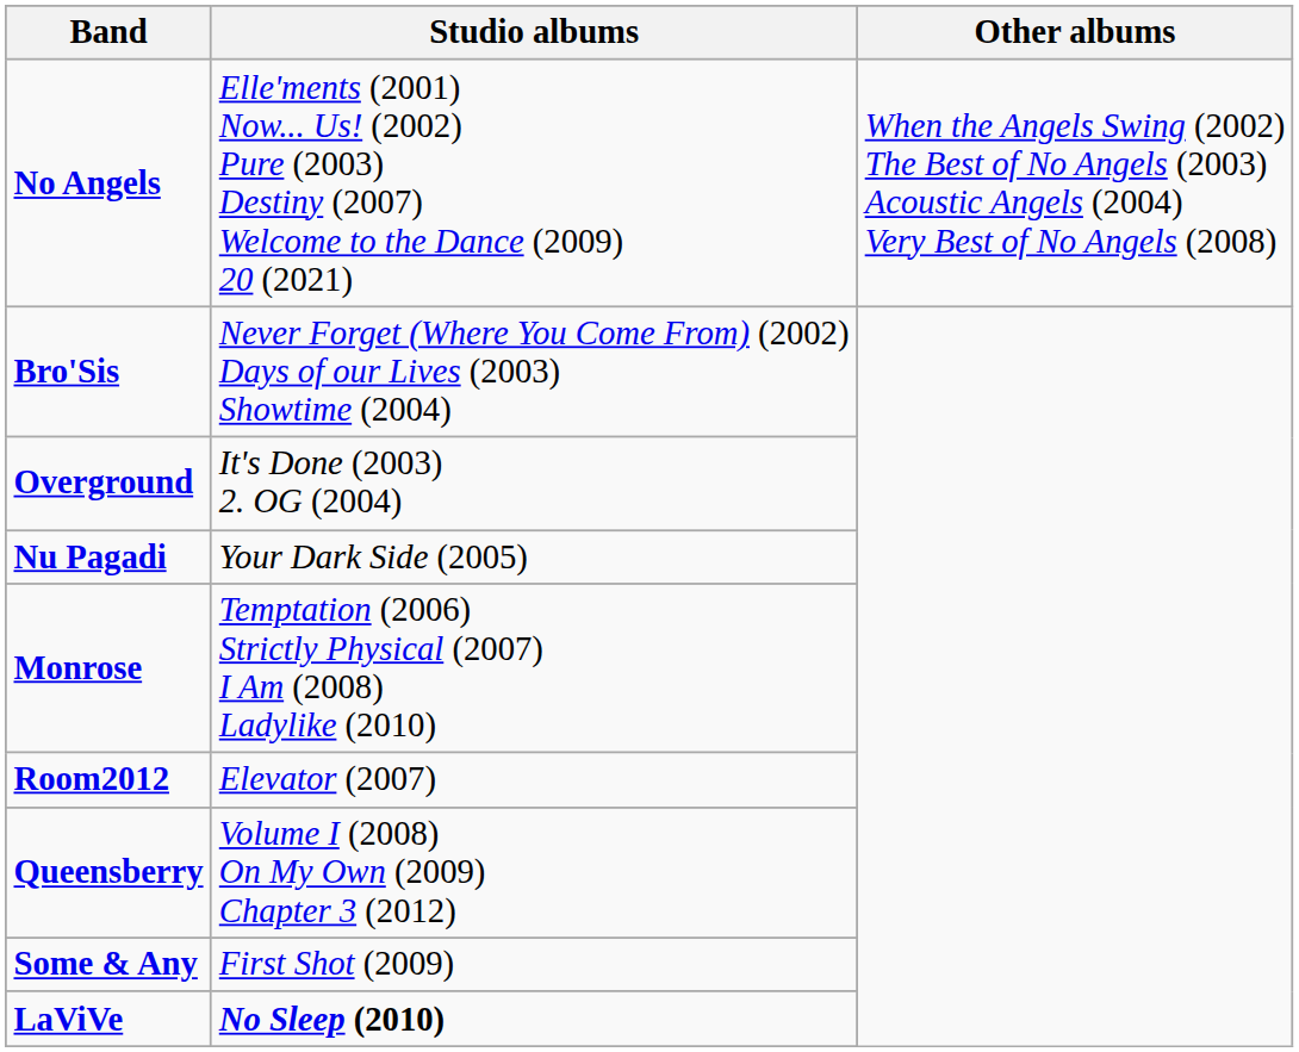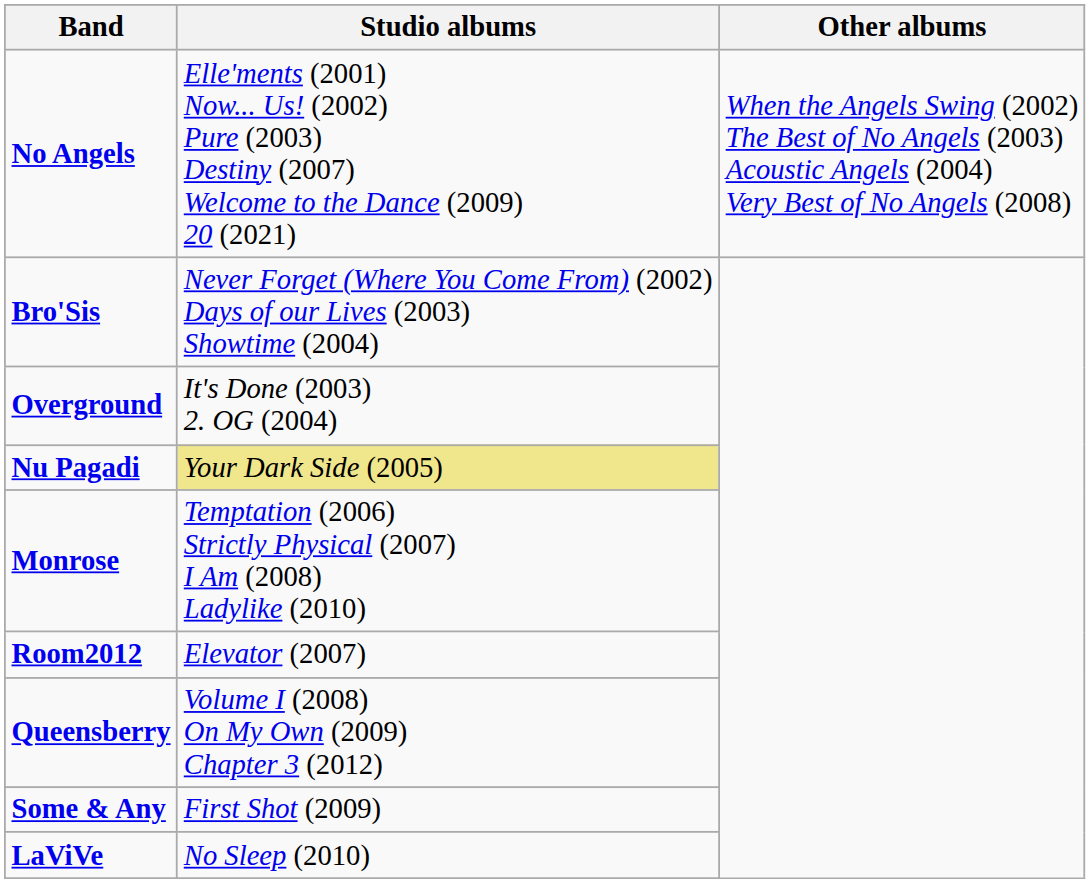 <table class="wikitable">
 <tr>
 <th>Band</th>
 <th>Studio albums</th>
 <th>Other albums</th>
 </tr>
 <tr>
 <td><strong><a href='#'>No Angels</a></strong></td>
 <td><em><a href='#'>Elle'ments</a></em> (2001)<br><em><a href='#'>Now... Us!</a></em> (2002)<br><em><a href='#'>Pure</a></em> (2003)<br><em><a href='#'>Destiny</a></em> (2007)<br><em><a href='#'>Welcome to the Dance</a></em> (2009) <br> <em><a href='#'>20</a></em> (2021)</td>
 <td><em><a href='#'>When the Angels Swing</a></em> (2002)<br><em><a href='#'>The Best of No Angels</a></em> (2003)<br><em><a href='#'>Acoustic Angels</a></em> (2004)<br><em><a href='#'>Very Best of No Angels</a></em> (2008)<br></td>
 </tr>
 <tr>
 <td><strong><a href='#'>Bro'Sis</a></strong></td>
 <td><em><a href='#'>Never Forget (Where You Come From)</a></em> (2002)<br><em><a href='#'>Days of our Lives</a></em> (2003)<br><em><a href='#'>Showtime</a></em> (2004)<br></td>
 </tr>
 <tr>
 <td><strong><a href='#'>Overground</a></strong></td>
 <td><em>It's Done</em> (2003)<br><em>2. OG</em> (2004)</td>
 </tr>
 <tr>
 <td><strong><a href='#'>Nu Pagadi</a></strong></td>
-<td><em>Your Dark Side</em> (2005)</td>
+<td style="background: khaki;"><em>Your Dark Side</em> (2005)</td>
 </tr>
 <tr>
 <td><strong><a href='#'>Monrose</a></strong></td>
 <td><em><a href='#'>Temptation</a></em> (2006)<br><em><a href='#'>Strictly Physical</a></em> (2007)<br><em><a href='#'>I Am</a></em> (2008)<br><em><a href='#'>Ladylike</a></em> (2010)</td>
 </tr>
 <tr>
 <td><strong><a href='#'>Room2012</a></strong></td>
 <td><em><a href='#'>Elevator</a></em> (2007)</td>
 </tr>
 <tr>
 <td><strong><a href='#'>Queensberry</a></strong></td>
 <td><em><a href='#'>Volume I</a></em> (2008)<br><em><a href='#'>On My Own</a></em> (2009)<br> <em><a href='#'>Chapter 3</a></em> (2012)</td>
 </tr>
 <tr>
 <td><strong><a href='#'>Some & Any</a></strong></td>
 <td><em><a href='#'>First Shot</a></em> (2009)</td>
 </tr>
 <tr>
 <td><strong><a href='#'>LaViVe</a></strong></td>
-<td><strong><em><a href='#'>No Sleep</a></em> (2010)</strong></td>
+<td><em><a href='#'>No Sleep</a></em> (2010)</td>
 </tr>
 <tr>
 </tr>
 </table>
